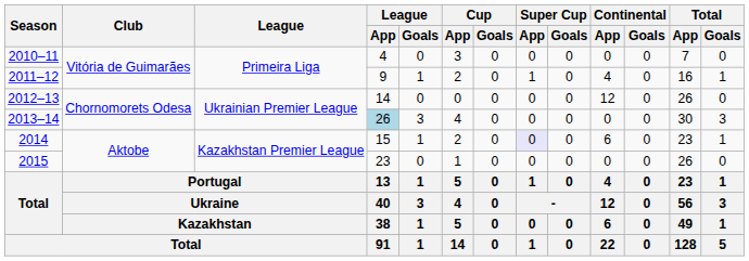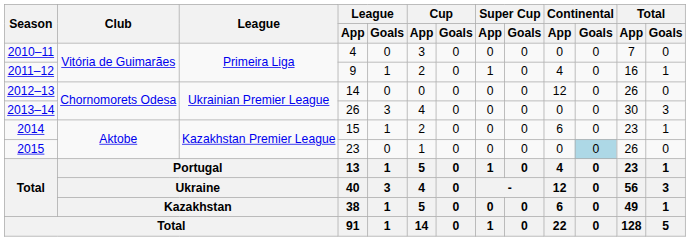 <table class="wikitable">
 <tr>
 <th rowspan=2>Season</th>
 <th ! rowspan=2>Club</th>
 <th ! rowspan=2>League</th>
 <th ! colspan=2>League</th>
 <th ! colspan=2>Cup</th>
 <th ! colspan=2>Super Cup</th>
 <th ! colspan=2>Continental</th>
 <th colspan=3>Total</th>
 </tr>
 <tr>
 <th>App</th>
 <th>Goals</th>
 <th>App</th>
 <th>Goals</th>
 <th>App</th>
 <th>Goals</th>
 <th>App</th>
 <th>Goals</th>
 <th>App</th>
 <th>Goals</th>
 </tr>
 <tr align=center>
 <td><a href='#'>2010–11</a></td>
 <td rowspan="2"><a href='#'>Vitória de Guimarães</a></td>
 <td rowspan="2"><a href='#'>Primeira Liga</a></td>
 <td>4</td>
 <td>0</td>
 <td>3</td>
 <td>0</td>
 <td>0</td>
 <td>0</td>
 <td>0</td>
 <td>0</td>
 <td>7</td>
 <td>0</td>
 </tr>
 <tr align=center>
 <td><a href='#'>2011–12</a></td>
 <td>9</td>
 <td>1</td>
 <td>2</td>
 <td>0</td>
 <td>1</td>
 <td>0</td>
 <td>4</td>
 <td>0</td>
 <td>16</td>
 <td>1</td>
 </tr>
 <tr align=center>
 <td><a href='#'>2012–13</a></td>
 <td rowspan="2"><a href='#'>Chornomorets Odesa</a></td>
 <td rowspan="2"><a href='#'>Ukrainian Premier League</a></td>
 <td>14</td>
 <td>0</td>
 <td>0</td>
 <td>0</td>
 <td>0</td>
 <td>0</td>
 <td>12</td>
 <td>0</td>
 <td>26</td>
 <td>0</td>
 </tr>
 <tr align=center>
 <td><a href='#'>2013–14</a></td>
-<td style="background: lightblue;">26</td>
+<td>26</td>
 <td>3</td>
 <td>4</td>
 <td>0</td>
 <td>0</td>
 <td>0</td>
 <td>0</td>
 <td>0</td>
 <td>30</td>
 <td>3</td>
 </tr>
 <tr align=center>
 <td><a href='#'>2014</a></td>
 <td rowspan="2"><a href='#'>Aktobe</a></td>
 <td rowspan="2"><a href='#'>Kazakhstan Premier League</a></td>
 <td>15</td>
 <td>1</td>
 <td>2</td>
 <td>0</td>
-<td style="background: lavender;">0</td>
+<td>0</td>
 <td>0</td>
 <td>6</td>
 <td>0</td>
 <td>23</td>
 <td>1</td>
 </tr>
 <tr align=center>
 <td><a href='#'>2015</a></td>
 <td>23</td>
 <td>0</td>
 <td>1</td>
 <td>0</td>
 <td>0</td>
 <td>0</td>
 <td>0</td>
-<td>0</td>
+<td style="background: lightblue;">0</td>
 <td>26</td>
 <td>0</td>
 </tr>
 <tr>
 <th rowspan=3>Total</th>
 <th colspan=2>Portugal</th>
 <th>13</th>
 <th>1</th>
 <th>5</th>
 <th>0</th>
 <th>1</th>
 <th>0</th>
 <th>4</th>
 <th>0</th>
 <th>23</th>
 <th>1</th>
 </tr>
 <tr>
 <th colspan=2>Ukraine</th>
 <th>40</th>
 <th>3</th>
 <th>4</th>
 <th>0</th>
 <th colspan="2">-</th>
 <th>12</th>
 <th>0</th>
 <th>56</th>
 <th>3</th>
 </tr>
 <tr>
 <th colspan=2>Kazakhstan</th>
 <th>38</th>
 <th>1</th>
 <th>5</th>
 <th>0</th>
 <th>0</th>
 <th>0</th>
 <th>6</th>
 <th>0</th>
 <th>49</th>
 <th>1</th>
 </tr>
 <tr align=center>
 <th colspan="3">Total</th>
 <th>91</th>
 <th>1</th>
 <th>14</th>
 <th>0</th>
 <th>1</th>
 <th>0</th>
 <th>22</th>
 <th>0</th>
 <th>128</th>
 <th>5</th>
 </tr>
 </table>
